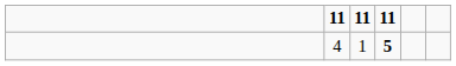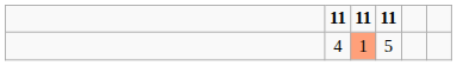 <table class="wikitable">
 <tr>
 <td style="width:18em"></td>
 <td align=center style="width:1em"><strong>11</strong></td>
 <td align=center style="width:1em"><strong>11</strong></td>
 <td align=center style="width:1em"><strong>11</strong></td>
 <td align=center style="width:1em"></td>
 <td align=center style="width:1em"></td>
 </tr>
 <tr>
 <td style="width:18em"></td>
 <td align=center style="width:1em">4</td>
-<td align=center style="width:1em">1</td>
-<td align=center style="width:1em"><strong>5</strong></td>
+<td align=center style="background: lightsalmon; width:1em">1</td>
+<td align=center style="width:1em">5</td>
 <td align=center style="width:1em"></td>
 <td align=center style="width:1em"></td>
 </tr>
 </table>
